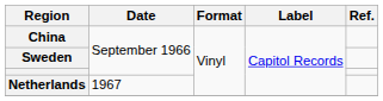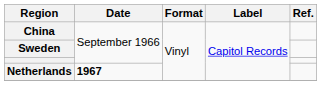 <table class="wikitable plainrowheaders">
 <tr>
 <th scope="col">Region</th>
 <th scope="col">Date</th>
 <th scope="col">Format</th>
 <th scope="col">Label</th>
 <th scope="col">Ref.</th>
 </tr>
 <tr>
 <th scope="row">China</th>
 <td rowspan="3">September 1966</td>
 <td rowspan="4">Vinyl</td>
 <td rowspan="4"><a href='#'>Capitol Records</a></td>
 <td></td>
 </tr>
 <tr>
 <th scope="row">Sweden</th>
 <td></td>
 </tr>
 <tr>
 <th scope="row"></th>
 <td></td>
 </tr>
 <tr>
 <th scope="row">Netherlands</th>
-<td>1967</td>
+<td><strong>1967</strong></td>
 <td></td>
 </tr>
 <tr>
 </tr>
 </table>
